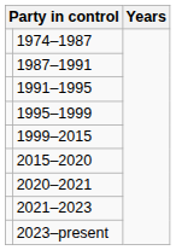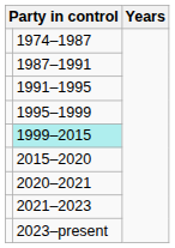 <table class="wikitable">
 <tr>
 <th colspan=2>Party in control</th>
 <th>Years</th>
 </tr>
 <tr>
 <td></td>
 <td>1974–1987</td>
 </tr>
 <tr>
 <td></td>
 <td>1987–1991</td>
 </tr>
 <tr>
 <td></td>
 <td>1991–1995</td>
 </tr>
 <tr>
 <td></td>
 <td>1995–1999</td>
 </tr>
 <tr>
 <td></td>
-<td>1999–2015</td>
+<td style="background: paleturquoise;">1999–2015</td>
 </tr>
 <tr>
 <td></td>
 <td>2015–2020</td>
 </tr>
 <tr>
 <td></td>
 <td>2020–2021</td>
 </tr>
 <tr>
 <td></td>
 <td>2021–2023</td>
 </tr>
 <tr>
 <td></td>
 <td>2023–present</td>
 </tr>
 </table>
